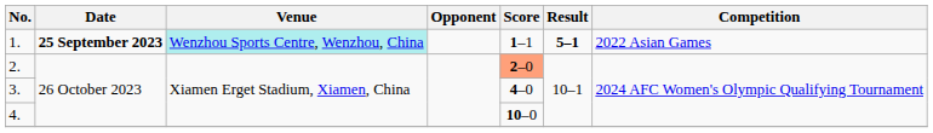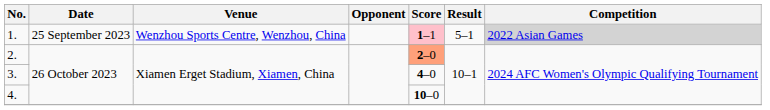 <table class="wikitable">
 <tr>
 <th>No.</th>
 <th>Date</th>
 <th>Venue</th>
 <th>Opponent</th>
 <th>Score</th>
 <th>Result</th>
 <th>Competition</th>
 </tr>
 <tr>
 <td>1.</td>
-<td><strong>25 September 2023</strong></td>
-<td style="background: paleturquoise;"><a href='#'>Wenzhou Sports Centre</a>, <a href='#'>Wenzhou</a>, <a href='#'>China</a></td>
+<td>25 September 2023</td>
+<td><a href='#'>Wenzhou Sports Centre</a>, <a href='#'>Wenzhou</a>, <a href='#'>China</a></td>
 <td></td>
-<td align=center><strong>1</strong>–1</td>
-<td align=center><strong>5–1</strong></td>
-<td><a href='#'>2022 Asian Games</a></td>
+<td align=center style="background: pink;"><strong>1</strong>–1</td>
+<td align=center>5–1</td>
+<td style="background: lightgrey;"><a href='#'>2022 Asian Games</a></td>
 </tr>
 <tr>
 <td>2.</td>
 <td rowspan=3>26 October 2023</td>
 <td rowspan=3>Xiamen Erget Stadium, <a href='#'>Xiamen</a>, China</td>
 <td rowspan=3></td>
 <td align=center style="background: lightsalmon;"><strong>2</strong>–0</td>
 <td rowspan=3 align=center>10–1</td>
 <td rowspan=3><a href='#'>2024 AFC Women's Olympic Qualifying Tournament</a></td>
 </tr>
 <tr>
 <td>3.</td>
 <td align=center><strong>4</strong>–0</td>
 </tr>
 <tr>
 <td>4.</td>
 <td align=center><strong>10</strong>–0</td>
 </tr>
 <tr>
 </tr>
 </table>
